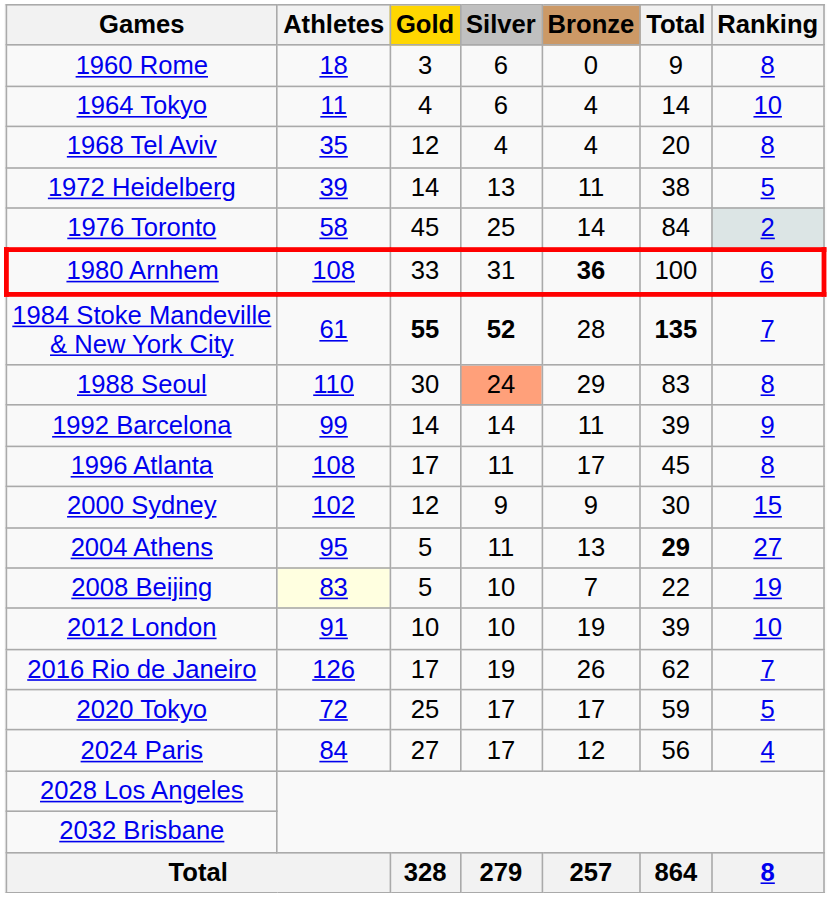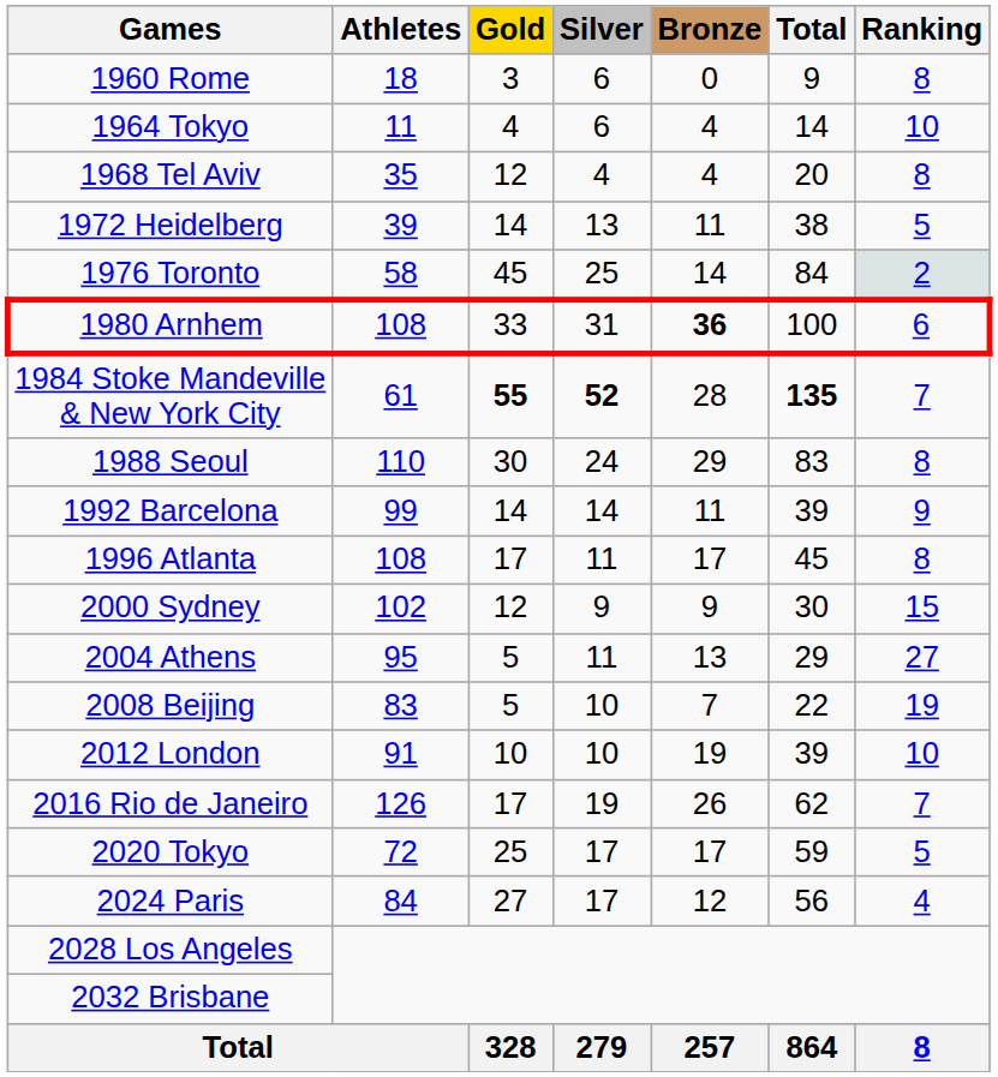 <table class="wikitable sortable" style="text-align:center;">
 <tr>
 <th>Games</th>
 <th>Athletes</th>
 <td style="background:gold; font-weight:bold;">Gold</td>
 <td style="background:silver; font-weight:bold;">Silver</td>
 <td style="background:#cc9966; font-weight:bold;">Bronze</td>
 <th>Total</th>
 <th>Ranking</th>
 </tr>
 <tr>
 <td>  <a href='#'>1960 Rome</a></td>
 <td><a href='#'>18</a></td>
 <td>3</td>
 <td>6</td>
 <td>0</td>
 <td>9</td>
 <td><a href='#'>8</a></td>
 </tr>
 <tr>
 <td>  <a href='#'>1964 Tokyo</a></td>
 <td><a href='#'>11</a></td>
 <td>4</td>
 <td>6</td>
 <td>4</td>
 <td>14</td>
 <td><a href='#'>10</a></td>
 </tr>
 <tr>
 <td>  <a href='#'>1968 Tel Aviv</a></td>
 <td><a href='#'>35</a></td>
 <td>12</td>
 <td>4</td>
 <td>4</td>
 <td>20</td>
 <td><a href='#'>8</a></td>
 </tr>
 <tr>
 <td>  <a href='#'>1972 Heidelberg</a></td>
 <td><a href='#'>39</a></td>
 <td>14</td>
 <td>13</td>
 <td>11</td>
 <td>38</td>
 <td><a href='#'>5</a></td>
 </tr>
 <tr>
 <td>  <a href='#'>1976 Toronto</a></td>
 <td><a href='#'>58</a></td>
 <td>45</td>
 <td>25</td>
 <td>14</td>
 <td>84</td>
 <td bgcolor=dce5e5><a href='#'>2</a></td>
 </tr>
 <tr style="border: 3px solid red">
 <td>  <a href='#'>1980 Arnhem</a></td>
 <td><a href='#'>108</a></td>
 <td>33</td>
 <td>31</td>
 <td><strong>36</strong></td>
 <td>100</td>
 <td><a href='#'>6</a></td>
 </tr>
 <tr>
 <td> <a href='#'>1984 Stoke Mandeville <br>& New York City</a></td>
 <td><a href='#'>61</a></td>
 <td><strong>55</strong></td>
 <td><strong>52</strong></td>
 <td>28</td>
 <td><strong>135</strong></td>
 <td><a href='#'>7</a></td>
 </tr>
 <tr>
 <td> <a href='#'>1988 Seoul</a></td>
 <td><a href='#'>110</a></td>
 <td>30</td>
-<td style="background: lightsalmon;">24</td>
+<td>24</td>
 <td>29</td>
 <td>83</td>
 <td><a href='#'>8</a></td>
 </tr>
 <tr>
 <td> <a href='#'>1992 Barcelona</a></td>
 <td><a href='#'>99</a></td>
 <td>14</td>
 <td>14</td>
 <td>11</td>
 <td>39</td>
 <td><a href='#'>9</a></td>
 </tr>
 <tr>
 <td>  <a href='#'>1996 Atlanta</a></td>
 <td><a href='#'>108</a></td>
 <td>17</td>
 <td>11</td>
 <td>17</td>
 <td>45</td>
 <td><a href='#'>8</a></td>
 </tr>
 <tr>
 <td>  <a href='#'>2000 Sydney</a></td>
 <td><a href='#'>102</a></td>
 <td>12</td>
 <td>9</td>
 <td>9</td>
 <td>30</td>
 <td><a href='#'>15</a></td>
 </tr>
 <tr>
 <td>  <a href='#'>2004 Athens</a></td>
 <td><a href='#'>95</a></td>
 <td>5</td>
 <td>11</td>
 <td>13</td>
-<td><strong>29</strong></td>
+<td>29</td>
 <td><a href='#'>27</a></td>
 </tr>
 <tr>
 <td>  <a href='#'>2008 Beijing</a></td>
-<td style="background: lightyellow;"><a href='#'>83</a></td>
+<td><a href='#'>83</a></td>
 <td>5</td>
 <td>10</td>
 <td>7</td>
 <td>22</td>
 <td><a href='#'>19</a></td>
 </tr>
 <tr>
 <td>  <a href='#'>2012 London</a></td>
 <td><a href='#'>91</a></td>
 <td>10</td>
 <td>10</td>
 <td>19</td>
 <td>39</td>
 <td><a href='#'>10</a></td>
 </tr>
 <tr>
 <td>  <a href='#'>2016 Rio de Janeiro</a></td>
 <td><a href='#'>126</a></td>
 <td>17</td>
 <td>19</td>
 <td>26</td>
 <td>62</td>
 <td><a href='#'>7</a></td>
 </tr>
 <tr>
 <td> <a href='#'>2020 Tokyo</a></td>
 <td><a href='#'>72</a></td>
 <td>25</td>
 <td>17</td>
 <td>17</td>
 <td>59</td>
 <td><a href='#'>5</a></td>
 </tr>
 <tr>
 <td> <a href='#'>2024 Paris</a></td>
 <td><a href='#'>84</a></td>
 <td>27</td>
 <td>17</td>
 <td>12</td>
 <td>56</td>
 <td><a href='#'>4</a></td>
 </tr>
 <tr>
 <td> <a href='#'>2028 Los Angeles</a></td>
 </tr>
 <tr>
 <td> <a href='#'>2032 Brisbane</a></td>
 </tr>
 <tr class="sortbottom" align=center>
 <th colspan=2>Total</th>
 <th>328</th>
 <th>279</th>
 <th>257</th>
 <th>864</th>
 <th><a href='#'>8</a></th>
 </tr>
 </table>
